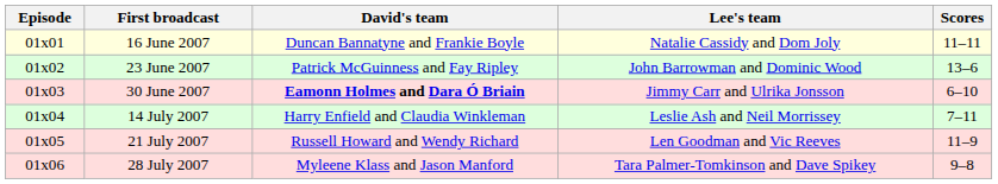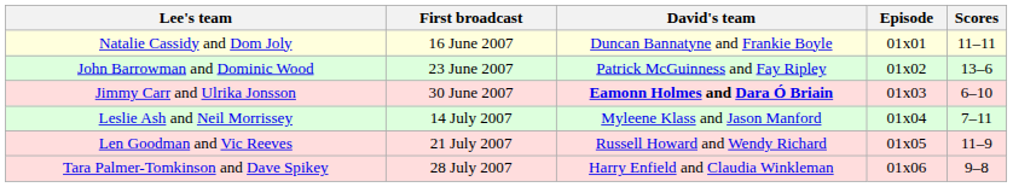 <table class="wikitable"  style="width:80%; left:0 auto; text-align:center;">
 <tr>
-<th style="width:8%;">Episode</th>
+<th style="width:38%;">Lee's team</th>
 <th style="width:17%;">First broadcast</th>
 <th style="width:31%;">David's team</th>
-<th style="width:38%;">Lee's team</th>
+<th style="width:8%;">Episode</th>
 <th style="width:6%;">Scores</th>
 </tr>
 <tr style="background:#ffd;">
-<td>01x01</td>
+<td><a href='#'>Natalie Cassidy</a> and <a href='#'>Dom Joly</a></td>
 <td>16 June 2007</td>
 <td><a href='#'>Duncan Bannatyne</a> and <a href='#'>Frankie Boyle</a></td>
-<td><a href='#'>Natalie Cassidy</a> and <a href='#'>Dom Joly</a></td>
+<td>01x01</td>
 <td>11–11</td>
 </tr>
 <tr style="background:#dfd;">
-<td>01x02</td>
+<td><a href='#'>John Barrowman</a> and <a href='#'>Dominic Wood</a></td>
 <td>23 June 2007</td>
 <td><a href='#'>Patrick McGuinness</a> and <a href='#'>Fay Ripley</a></td>
-<td><a href='#'>John Barrowman</a> and <a href='#'>Dominic Wood</a></td>
+<td>01x02</td>
 <td>13–6</td>
 </tr>
 <tr style="background:#fdd;">
-<td>01x03</td>
+<td><a href='#'>Jimmy Carr</a> and <a href='#'>Ulrika Jonsson</a></td>
 <td>30 June 2007</td>
 <td><strong><a href='#'>Eamonn Holmes</a> and <a href='#'>Dara Ó Briain</a></strong></td>
-<td><a href='#'>Jimmy Carr</a> and <a href='#'>Ulrika Jonsson</a></td>
+<td>01x03</td>
 <td>6–10</td>
 </tr>
 <tr style="background:#dfd;">
+<td><a href='#'>Leslie Ash</a> and <a href='#'>Neil Morrissey</a></td>
+<td>14 July 2007</td>
+<td><a href='#'>Myleene Klass</a> and <a href='#'>Jason Manford</a></td>
 <td>01x04</td>
-<td>14 July 2007</td>
-<td><a href='#'>Harry Enfield</a> and <a href='#'>Claudia Winkleman</a></td>
-<td><a href='#'>Leslie Ash</a> and <a href='#'>Neil Morrissey</a></td>
 <td>7–11</td>
 </tr>
 <tr style="background:#fdd;">
-<td>01x05</td>
+<td><a href='#'>Len Goodman</a> and <a href='#'>Vic Reeves</a></td>
 <td>21 July 2007</td>
 <td><a href='#'>Russell Howard</a> and <a href='#'>Wendy Richard</a></td>
-<td><a href='#'>Len Goodman</a> and <a href='#'>Vic Reeves</a></td>
+<td>01x05</td>
 <td>11–9</td>
 </tr>
 <tr style="background:#fdd;">
+<td><a href='#'>Tara Palmer-Tomkinson</a> and <a href='#'>Dave Spikey</a></td>
+<td>28 July 2007</td>
+<td><a href='#'>Harry Enfield</a> and <a href='#'>Claudia Winkleman</a></td>
 <td>01x06</td>
-<td>28 July 2007</td>
-<td><a href='#'>Myleene Klass</a> and <a href='#'>Jason Manford</a></td>
-<td><a href='#'>Tara Palmer-Tomkinson</a> and <a href='#'>Dave Spikey</a></td>
 <td>9–8</td>
 </tr>
 </table>
